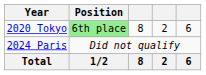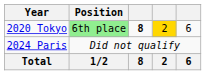 <table class="wikitable" style="text-align: center;">
 <tr>
 <th>Year</th>
 <th>Position</th>
 <th width=25px></th>
 <th width=25px></th>
 <th width=25px></th>
 </tr>
 <tr>
 <td style="text-align: left;"> <a href='#'>2020 Tokyo</a></td>
 <td style="background: lightgreen;">6th place</td>
-<td>8</td>
-<td>2</td>
+<td><strong>8</strong></td>
+<td style="background: gold;">2</td>
 <td>6</td>
 </tr>
 <tr>
 <td style="text-align: left;"> <a href='#'>2024 Paris</a></td>
 <td colspan=4><em>Did not qualify</em></td>
 </tr>
 <tr>
 <th>Total</th>
 <th>1/2</th>
 <th>8</th>
 <th>2</th>
 <th>6</th>
 </tr>
 </table>
